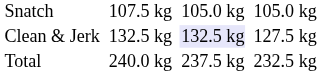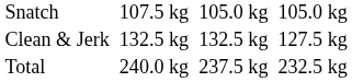 <table>
 <tr>
 <td>Snatch</td>
 <td></td>
 <td>107.5 kg</td>
 <td></td>
 <td>105.0 kg</td>
 <td></td>
 <td>105.0 kg</td>
 </tr>
 <tr>
 <td>Clean & Jerk</td>
 <td></td>
 <td>132.5 kg</td>
 <td></td>
-<td style="background: lavender;">132.5 kg</td>
+<td>132.5 kg</td>
 <td></td>
 <td>127.5 kg</td>
 </tr>
 <tr>
 <td>Total</td>
 <td></td>
 <td>240.0 kg</td>
 <td></td>
 <td>237.5 kg</td>
 <td></td>
 <td>232.5 kg</td>
 </tr>
 </table>
